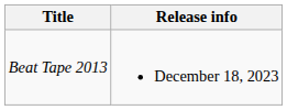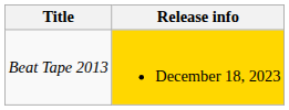 <table class="wikitable">
 <tr>
 <th>Title</th>
 <th>Release info</th>
 </tr>
 <tr>
 <td><em>Beat Tape 2013</em></td>
-<td><br><ul><li>December 18, 2023</li></ul></td>
+<td style="background: gold;"><br><ul><li>December 18, 2023</li></ul></td>
 </tr>
 </table>
